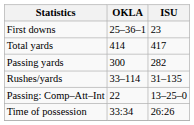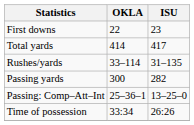 <table class="wikitable" style="float: left;">
 <tr>
 <th>Statistics</th>
 <th>OKLA</th>
 <th>ISU</th>
 </tr>
 <tr>
 <td>First downs</td>
-<td>25–36–1</td>
+<td>22</td>
 <td>23</td>
 </tr>
 <tr>
 <td>Total yards</td>
 <td>414</td>
 <td>417</td>
 </tr>
 <tr>
+<td>Rushes/yards</td>
+<td>33–114</td>
+<td>31–135</td>
+</tr>
+<tr>
 <td>Passing yards</td>
 <td>300</td>
 <td>282</td>
 </tr>
 <tr>
-<td>Rushes/yards</td>
-<td>33–114</td>
-<td>31–135</td>
-</tr>
-<tr>
 <td>Passing: Comp–Att–Int</td>
-<td>22</td>
+<td>25–36–1</td>
 <td>13–25–0</td>
 </tr>
 <tr>
 <td>Time of possession</td>
 <td>33:34</td>
 <td>26:26</td>
 </tr>
 <tr>
 </tr>
 </table>
